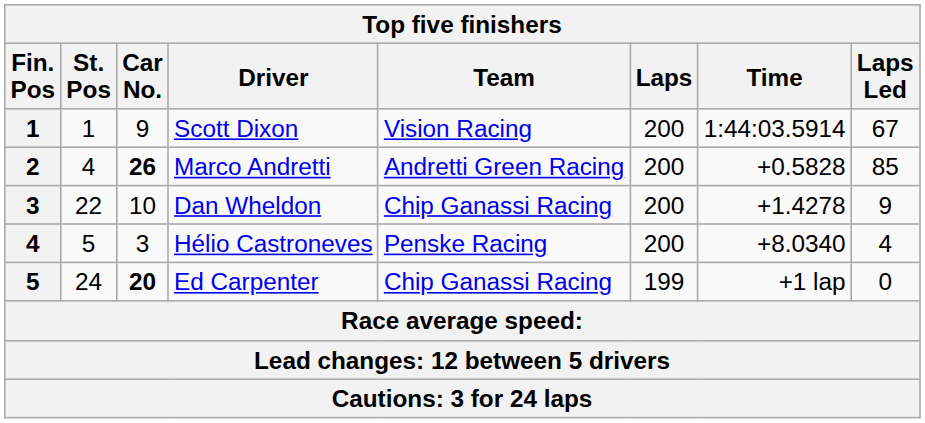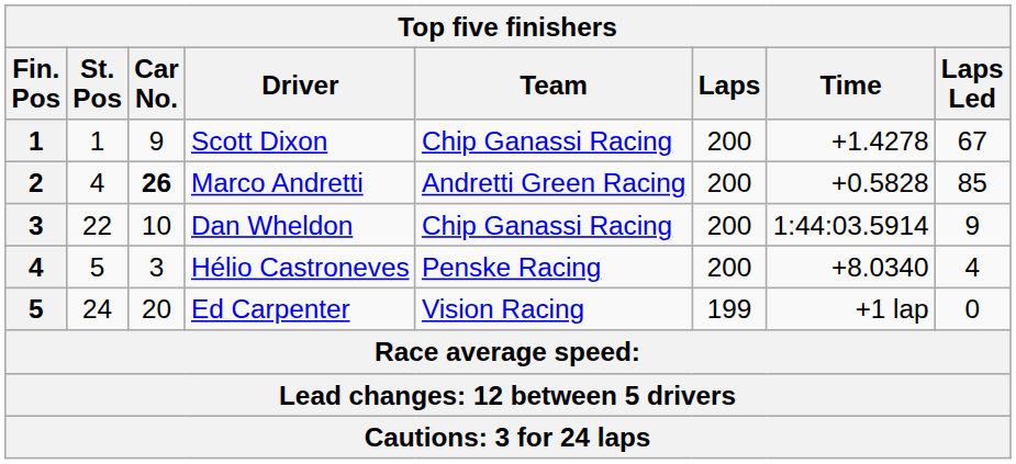 <table class="wikitable" style="font-size:95%;text-align:center">
 <tr>
 <th colspan=9>Top five finishers</th>
 </tr>
 <tr>
 <th>Fin.<br>Pos</th>
 <th>St.<br>Pos</th>
 <th>Car<br>No.</th>
 <th>Driver</th>
 <th>Team</th>
 <th>Laps</th>
 <th>Time</th>
 <th>Laps<br>Led</th>
 </tr>
 <tr>
 <th>1</th>
 <td>1</td>
 <td>9</td>
 <td style="text-align:left"> <a href='#'>Scott Dixon</a></td>
-<td style="text-align:left"><a href='#'>Vision Racing</a></td>
+<td style="text-align:left"><a href='#'>Chip Ganassi Racing</a></td>
 <td>200</td>
-<td align=right>1:44:03.5914</td>
+<td align=right>+1.4278</td>
 <td>67</td>
 </tr>
 <tr>
 <th>2</th>
 <td>4</td>
 <td><strong>26</strong></td>
 <td style="text-align:left"> <a href='#'>Marco Andretti</a></td>
 <td style="text-align:left"><a href='#'>Andretti Green Racing</a></td>
 <td>200</td>
 <td align=right>+0.5828</td>
 <td>85</td>
 </tr>
 <tr>
 <th>3</th>
 <td>22</td>
 <td>10</td>
 <td style="text-align:left"> <a href='#'>Dan Wheldon</a></td>
 <td style="text-align:left"><a href='#'>Chip Ganassi Racing</a></td>
 <td>200</td>
-<td align=right>+1.4278</td>
+<td align=right>1:44:03.5914</td>
 <td>9</td>
 </tr>
 <tr>
 <th>4</th>
 <td>5</td>
 <td>3</td>
 <td style="text-align:left"> <a href='#'>Hélio Castroneves</a></td>
 <td style="text-align:left"><a href='#'>Penske Racing</a></td>
 <td>200</td>
 <td align=right>+8.0340</td>
 <td>4</td>
 </tr>
 <tr>
 <th>5</th>
 <td>24</td>
-<td><strong>20</strong></td>
+<td>20</td>
 <td style="text-align:left"> <a href='#'>Ed Carpenter</a></td>
-<td style="text-align:left"><a href='#'>Chip Ganassi Racing</a></td>
+<td style="text-align:left"><a href='#'>Vision Racing</a></td>
 <td>199</td>
 <td align=right>+1 lap</td>
 <td>0</td>
 </tr>
 <tr>
 <th colspan=9>Race average speed: </th>
 </tr>
 <tr>
 <th colspan=9>Lead changes: 12 between 5 drivers</th>
 </tr>
 <tr>
 <th colspan=9>Cautions: 3 for 24 laps</th>
 </tr>
 </table>
